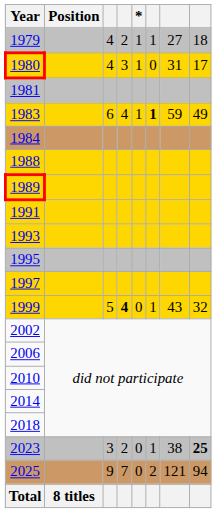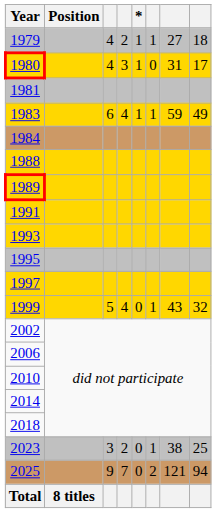 <table class="wikitable" style="text-align: center;">
 <tr>
 <th>Year</th>
 <th>Position</th>
 <th></th>
 <th></th>
 <th>*</th>
 <th></th>
 <th></th>
 <th></th>
 </tr>
 <tr bgcolor=silver>
 <td> <a href='#'>1979</a></td>
 <td></td>
 <td>4</td>
 <td>2</td>
 <td>1</td>
 <td>1</td>
 <td>27</td>
 <td>18</td>
 </tr>
 <tr bgcolor=gold>
 <td style="border: 3px solid red"> <a href='#'>1980</a></td>
 <td></td>
 <td>4</td>
 <td>3</td>
 <td>1</td>
 <td>0</td>
 <td>31</td>
 <td>17</td>
 </tr>
 <tr bgcolor=silver>
 <td> <a href='#'>1981</a></td>
 <td></td>
 <td></td>
 <td></td>
 <td></td>
 <td></td>
 <td></td>
 <td></td>
 </tr>
 <tr bgcolor=gold>
 <td> <a href='#'>1983</a></td>
 <td></td>
 <td>6</td>
 <td>4</td>
 <td>1</td>
-<td><strong>1</strong></td>
+<td>1</td>
 <td>59</td>
 <td>49</td>
 </tr>
 <tr bgcolor=cc9966>
 <td> <a href='#'>1984</a></td>
 <td></td>
 <td></td>
 <td></td>
 <td></td>
 <td></td>
 <td></td>
 <td></td>
 </tr>
 <tr bgcolor=gold>
 <td> <a href='#'>1988</a></td>
 <td></td>
 <td></td>
 <td></td>
 <td></td>
 <td></td>
 <td></td>
 <td></td>
 </tr>
 <tr bgcolor=gold>
 <td style="border: 3px solid red"> <a href='#'>1989</a></td>
 <td></td>
 <td></td>
 <td></td>
 <td></td>
 <td></td>
 <td></td>
 <td></td>
 </tr>
 <tr bgcolor=gold>
 <td> <a href='#'>1991</a></td>
 <td></td>
 <td></td>
 <td></td>
 <td></td>
 <td></td>
 <td></td>
 <td></td>
 </tr>
 <tr bgcolor=gold>
 <td> <a href='#'>1993</a></td>
 <td></td>
 <td></td>
 <td></td>
 <td></td>
 <td></td>
 <td></td>
 <td></td>
 </tr>
 <tr bgcolor=silver>
 <td> <a href='#'>1995</a></td>
 <td></td>
 <td></td>
 <td></td>
 <td></td>
 <td></td>
 <td></td>
 <td></td>
 </tr>
 <tr bgcolor=gold>
 <td> <a href='#'>1997</a></td>
 <td></td>
 <td></td>
 <td></td>
 <td></td>
 <td></td>
 <td></td>
 <td></td>
 </tr>
 <tr bgcolor=gold>
 <td> <a href='#'>1999</a></td>
 <td></td>
 <td>5</td>
-<td><strong>4</strong></td>
+<td>4</td>
 <td>0</td>
 <td>1</td>
 <td>43</td>
 <td>32</td>
 </tr>
 <tr>
 <td> <a href='#'>2002</a></td>
 <td rowspan= 5 colspan=7><em>did not participate</em></td>
 </tr>
 <tr>
 <td> <a href='#'>2006</a></td>
 </tr>
 <tr>
 <td> <a href='#'>2010</a></td>
 </tr>
 <tr>
 <td> <a href='#'>2014</a></td>
 </tr>
 <tr>
 <td> <a href='#'>2018</a></td>
 </tr>
 <tr bgcolor=silver>
 <td> <a href='#'>2023</a></td>
 <td></td>
 <td>3</td>
 <td>2</td>
 <td>0</td>
 <td>1</td>
 <td>38</td>
-<td><strong>25</strong></td>
+<td>25</td>
 </tr>
 <tr bgcolor=cc9966>
 <td> <a href='#'>2025</a></td>
 <td></td>
 <td>9</td>
 <td>7</td>
 <td>0</td>
 <td>2</td>
 <td>121</td>
 <td>94</td>
 </tr>
 <tr>
 <th>Total</th>
 <th>8 titles</th>
 <th></th>
 <th></th>
 <th></th>
 <th></th>
 <th></th>
 <th></th>
 </tr>
 </table>
